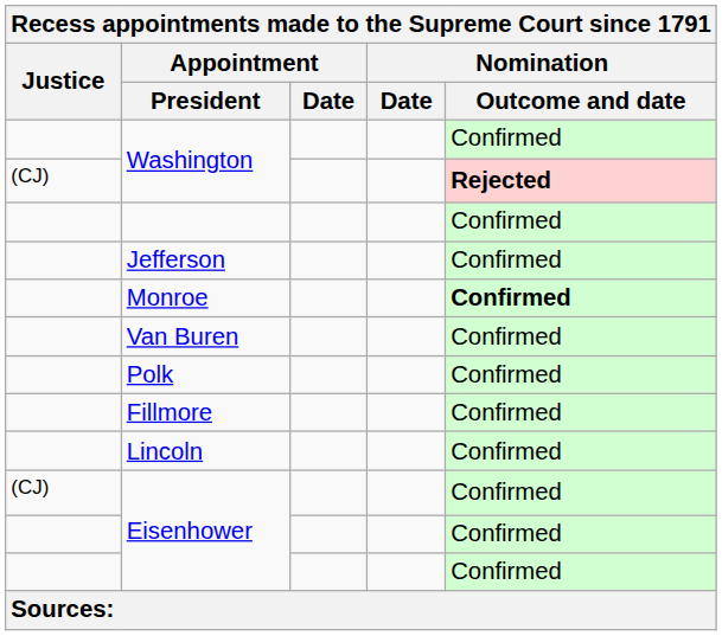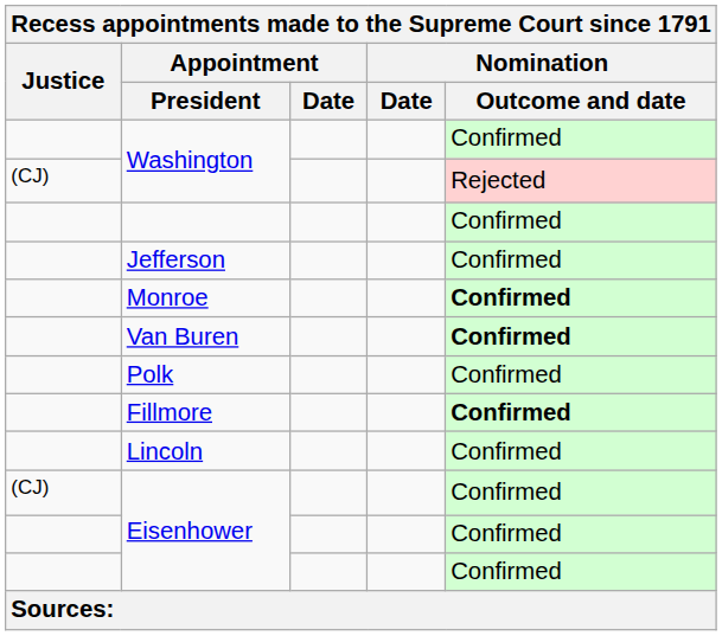 <table class="wikitable">
 <tr>
 <th colspan=6>Recess appointments made to the Supreme Court since 1791</th>
 </tr>
 <tr>
 <th rowspan=2>Justice</th>
 <th colspan=2>Appointment</th>
 <th colspan=2>Nomination</th>
 </tr>
 <tr>
 <th>President</th>
 <th>Date</th>
 <th>Date</th>
 <th>Outcome and date</th>
 </tr>
 <tr>
 <td></td>
 <td rowspan=2><a href='#'>Washington</a></td>
 <td></td>
 <td></td>
 <td bgcolor="#d2ffd2">Confirmed </td>
 </tr>
 <tr>
 <td><sup><abbr>(CJ)</abbr></sup></td>
 <td></td>
 <td></td>
-<td bgcolor="#ffd2d2"><strong>Rejected </strong></td>
+<td bgcolor="#ffd2d2">Rejected </td>
 </tr>
 <tr>
 <td></td>
 <td></td>
 <td style="white-space: nowrap;"></td>
 <td></td>
 <td bgcolor="#d2ffd2">Confirmed </td>
 </tr>
 <tr>
 <td style="white-space: nowrap;"></td>
 <td><a href='#'>Jefferson</a></td>
 <td></td>
 <td></td>
 <td bgcolor="#d2ffd2">Confirmed </td>
 </tr>
 <tr>
 <td></td>
 <td><a href='#'>Monroe</a></td>
 <td></td>
 <td></td>
 <td bgcolor="#d2ffd2"><strong>Confirmed </strong></td>
 </tr>
 <tr>
 <td></td>
 <td><a href='#'>Van Buren</a></td>
 <td></td>
 <td style="white-space: nowrap;"></td>
-<td bgcolor="#d2ffd2">Confirmed </td>
+<td bgcolor="#d2ffd2"><strong>Confirmed </strong></td>
 </tr>
 <tr>
 <td></td>
 <td><a href='#'>Polk</a></td>
 <td></td>
 <td></td>
 <td bgcolor="#d2ffd2">Confirmed </td>
 </tr>
 <tr>
 <td></td>
 <td><a href='#'>Fillmore</a></td>
 <td></td>
 <td></td>
-<td bgcolor="#d2ffd2">Confirmed </td>
+<td bgcolor="#d2ffd2"><strong>Confirmed </strong></td>
 </tr>
 <tr>
 <td></td>
 <td><a href='#'>Lincoln</a></td>
 <td></td>
 <td></td>
 <td bgcolor="#d2ffd2">Confirmed </td>
 </tr>
 <tr>
 <td><sup><abbr>(CJ)</abbr></sup></td>
 <td rowspan=3><a href='#'>Eisenhower</a></td>
 <td></td>
 <td></td>
 <td bgcolor="#d2ffd2">Confirmed </td>
 </tr>
 <tr>
 <td></td>
 <td></td>
 <td></td>
 <td bgcolor="#d2ffd2">Confirmed </td>
 </tr>
 <tr>
 <td></td>
 <td></td>
 <td></td>
 <td bgcolor="#d2ffd2">Confirmed </td>
 </tr>
 <tr>
 <th colspan=5 style="text-align: left;">Sources:</th>
 </tr>
 </table>
